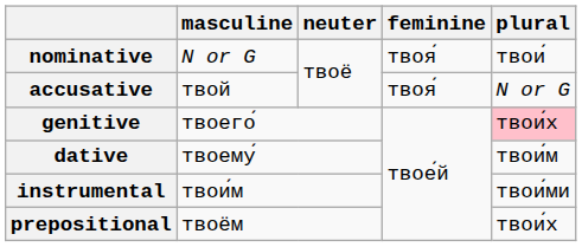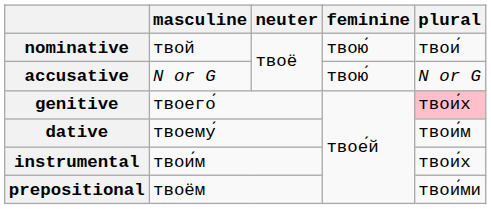 <table class="wikitable" style="display: inline-table;">
 <tr>
 <th></th>
 <th>masculine</th>
 <th>neuter</th>
 <th>feminine</th>
 <th>plural</th>
 </tr>
 <tr>
 <th>nominative</th>
-<td><em>N or G</em></td>
+<td>твой</td>
 <td rowspan="2">твоё</td>
-<td>твоя́</td>
+<td>твою́</td>
 <td>твои́</td>
 </tr>
 <tr>
 <th>accusative</th>
-<td>твой</td>
-<td>твоя́</td>
+<td><em>N or G</em></td>
+<td>твою́</td>
 <td><em>N or G</em></td>
 </tr>
 <tr>
 <th>genitive</th>
 <td colspan="2">твоего́</td>
 <td rowspan="4">твое́й</td>
 <td style="background: pink;">твои́х</td>
 </tr>
 <tr>
 <th>dative</th>
 <td colspan="2">твоему́</td>
 <td>твои́м</td>
 </tr>
 <tr>
 <th>instrumental</th>
 <td colspan="2">твои́м</td>
-<td>твои́ми</td>
+<td>твои́х</td>
 </tr>
 <tr>
 <th>prepositional</th>
 <td colspan="2">твоём</td>
-<td>твои́х</td>
+<td>твои́ми</td>
 </tr>
 </table>
